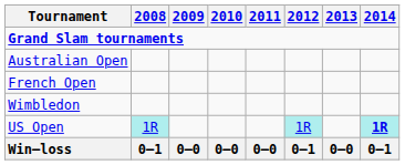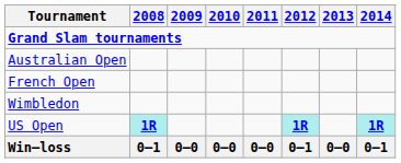 <table class=wikitable style=text-align:center;font-size:97%>
 <tr>
 <th>Tournament</th>
 <th><a href='#'>2008</a></th>
 <th><a href='#'>2009</a></th>
 <th><a href='#'>2010</a></th>
 <th><a href='#'>2011</a></th>
 <th><a href='#'>2012</a></th>
 <th><a href='#'>2013</a></th>
 <th><a href='#'>2014</a></th>
 </tr>
 <tr>
 <td colspan=10 align=left><strong><a href='#'>Grand Slam tournaments</a></strong></td>
 </tr>
 <tr>
 <td align=left><a href='#'>Australian Open</a></td>
 <td></td>
 <td></td>
 <td></td>
 <td></td>
 <td></td>
 <td></td>
 <td></td>
 </tr>
 <tr>
 <td align=left><a href='#'>French Open</a></td>
 <td></td>
 <td></td>
 <td></td>
 <td></td>
 <td></td>
 <td></td>
 <td></td>
 </tr>
 <tr>
 <td align=left><a href='#'>Wimbledon</a></td>
 <td></td>
 <td></td>
 <td></td>
 <td></td>
 <td></td>
 <td></td>
 <td></td>
 </tr>
 <tr>
 <td align=left><a href='#'>US Open</a></td>
-<td bgcolor=afeeee><a href='#'>1R</a></td>
+<td bgcolor=afeeee><strong><a href='#'>1R</a></strong></td>
 <td></td>
 <td></td>
 <td></td>
-<td bgcolor=afeeee><a href='#'>1R</a></td>
+<td bgcolor=afeeee><strong><a href='#'>1R</a></strong></td>
 <td></td>
 <td bgcolor=afeeee><strong><a href='#'>1R</a></strong></td>
 </tr>
 <tr>
 <th style=text-align:left>Win–loss</th>
 <th>0–1</th>
 <th>0–0</th>
 <th>0–0</th>
 <th>0–0</th>
 <th>0–1</th>
 <th>0–0</th>
 <th>0–1</th>
 </tr>
 </table>
